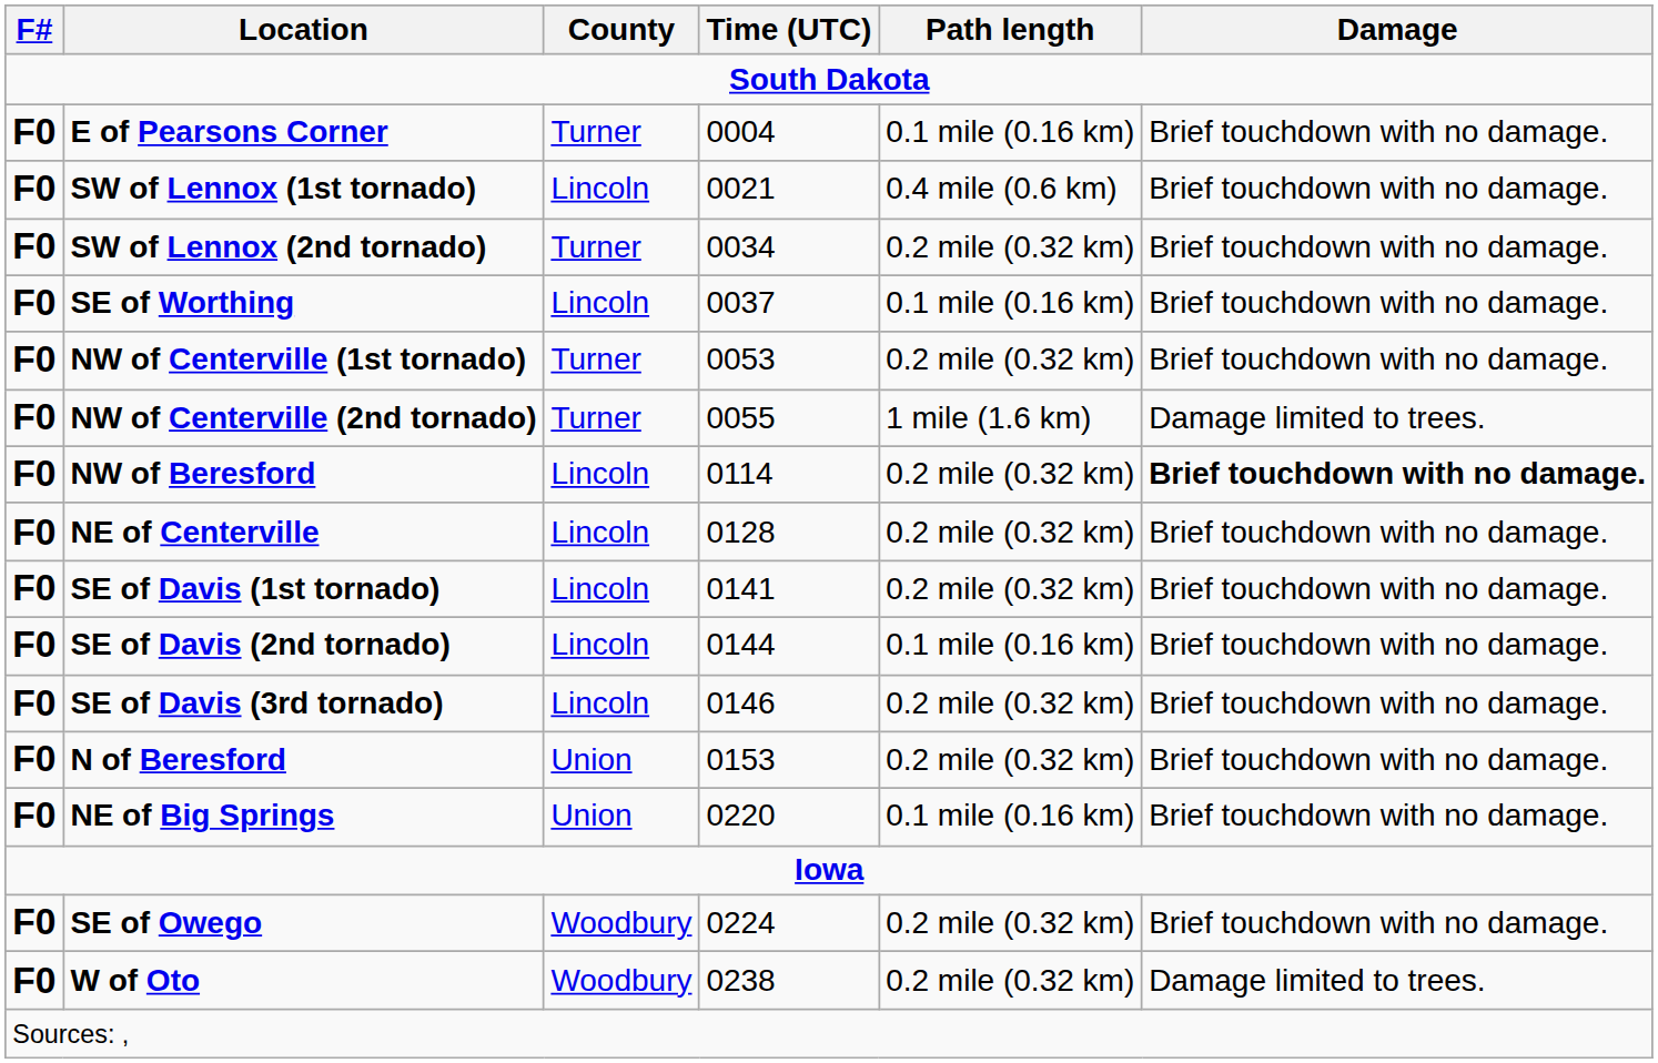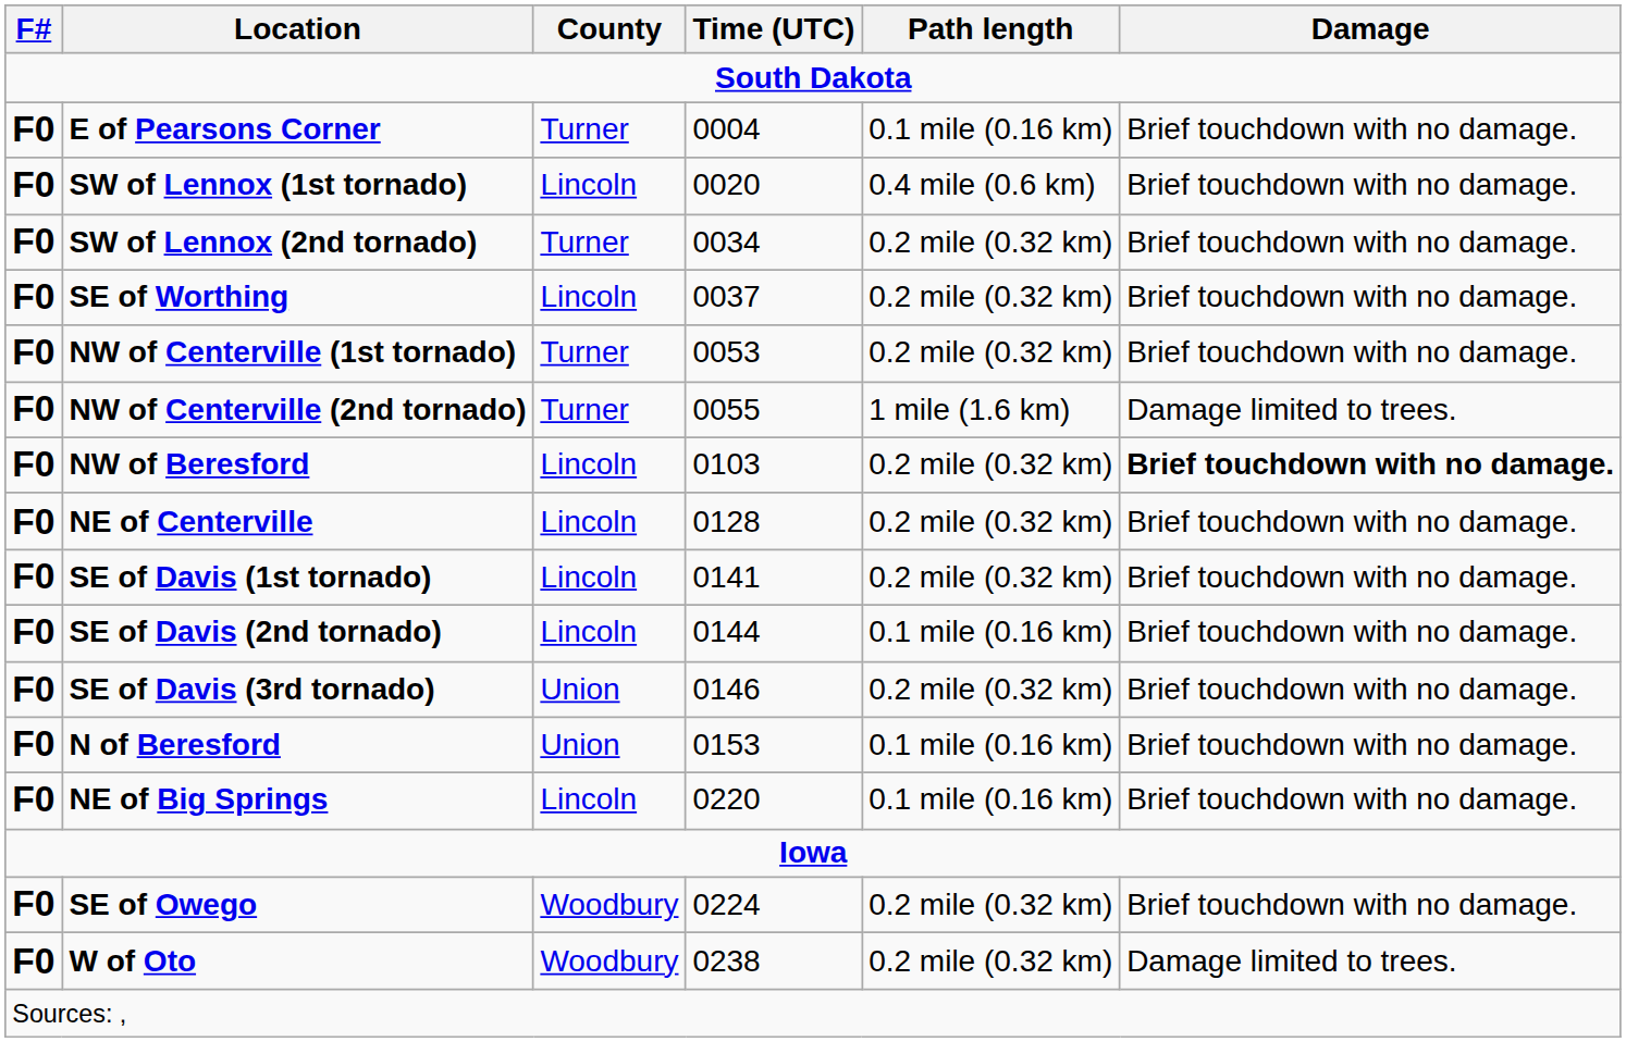 <table class="wikitable">
 <tr>
 <th><strong><a href='#'>F#</a></strong></th>
 <th><strong>Location</strong></th>
 <th><strong>County</strong></th>
 <th><strong>Time (UTC)</strong></th>
 <th><strong>Path length</strong></th>
 <th><strong>Damage</strong></th>
 </tr>
 <tr>
 <td colspan="7" align=center><strong><a href='#'>South Dakota</a></strong></td>
 </tr>
 <tr>
 <td><big><strong>F0</strong></big></td>
 <td><strong>E of <a href='#'>Pearsons Corner</a></strong></td>
 <td><a href='#'>Turner</a></td>
 <td>0004</td>
 <td>0.1 mile (0.16 km)</td>
 <td>Brief touchdown with no damage.</td>
 </tr>
 <tr>
 <td><big><strong>F0</strong></big></td>
 <td><strong>SW of <a href='#'>Lennox</a> (1st tornado)</strong></td>
 <td><a href='#'>Lincoln</a></td>
-<td>0021</td>
+<td>0020</td>
 <td>0.4 mile (0.6 km)</td>
 <td>Brief touchdown with no damage.</td>
 </tr>
 <tr>
 <td><big><strong>F0</strong></big></td>
 <td><strong>SW of <a href='#'>Lennox</a> (2nd tornado)</strong></td>
 <td><a href='#'>Turner</a></td>
 <td>0034</td>
 <td>0.2 mile (0.32 km)</td>
 <td>Brief touchdown with no damage.</td>
 </tr>
 <tr>
 <td><big><strong>F0</strong></big></td>
 <td><strong>SE of <a href='#'>Worthing</a></strong></td>
 <td><a href='#'>Lincoln</a></td>
 <td>0037</td>
-<td>0.1 mile (0.16 km)</td>
+<td>0.2 mile (0.32 km)</td>
 <td>Brief touchdown with no damage.</td>
 </tr>
 <tr>
 <td><big><strong>F0</strong></big></td>
 <td><strong>NW of <a href='#'>Centerville</a> (1st tornado)</strong></td>
 <td><a href='#'>Turner</a></td>
 <td>0053</td>
 <td>0.2 mile (0.32 km)</td>
 <td>Brief touchdown with no damage.</td>
 </tr>
 <tr>
 <td><big><strong>F0</strong></big></td>
 <td><strong>NW of <a href='#'>Centerville</a> (2nd tornado)</strong></td>
 <td><a href='#'>Turner</a></td>
 <td>0055</td>
 <td>1 mile (1.6 km)</td>
 <td>Damage limited to trees.</td>
 </tr>
 <tr>
 <td><big><strong>F0</strong></big></td>
 <td><strong>NW of <a href='#'>Beresford</a></strong></td>
 <td><a href='#'>Lincoln</a></td>
-<td>0114</td>
+<td>0103</td>
 <td>0.2 mile (0.32 km)</td>
 <td><strong>Brief touchdown with no damage.</strong></td>
 </tr>
 <tr>
 <td><big><strong>F0</strong></big></td>
 <td><strong>NE of <a href='#'>Centerville</a></strong></td>
 <td><a href='#'>Lincoln</a></td>
 <td>0128</td>
 <td>0.2 mile (0.32 km)</td>
 <td>Brief touchdown with no damage.</td>
 </tr>
 <tr>
 <td><big><strong>F0</strong></big></td>
 <td><strong>SE of <a href='#'>Davis</a> (1st tornado)</strong></td>
 <td><a href='#'>Lincoln</a></td>
 <td>0141</td>
 <td>0.2 mile (0.32 km)</td>
 <td>Brief touchdown with no damage.</td>
 </tr>
 <tr>
 <td><big><strong>F0</strong></big></td>
 <td><strong>SE of <a href='#'>Davis</a> (2nd tornado)</strong></td>
 <td><a href='#'>Lincoln</a></td>
 <td>0144</td>
 <td>0.1 mile (0.16 km)</td>
 <td>Brief touchdown with no damage.</td>
 </tr>
 <tr>
 <td><big><strong>F0</strong></big></td>
 <td><strong>SE of <a href='#'>Davis</a> (3rd tornado)</strong></td>
-<td><a href='#'>Lincoln</a></td>
+<td><a href='#'>Union</a></td>
 <td>0146</td>
 <td>0.2 mile (0.32 km)</td>
 <td>Brief touchdown with no damage.</td>
 </tr>
 <tr>
 <td><big><strong>F0</strong></big></td>
 <td><strong>N of <a href='#'>Beresford</a></strong></td>
 <td><a href='#'>Union</a></td>
 <td>0153</td>
-<td>0.2 mile (0.32 km)</td>
+<td>0.1 mile (0.16 km)</td>
 <td>Brief touchdown with no damage.</td>
 </tr>
 <tr>
 <td><big><strong>F0</strong></big></td>
 <td><strong>NE of <a href='#'>Big Springs</a></strong></td>
-<td><a href='#'>Union</a></td>
+<td><a href='#'>Lincoln</a></td>
 <td>0220</td>
 <td>0.1 mile (0.16 km)</td>
 <td>Brief touchdown with no damage.</td>
 </tr>
 <tr>
 <td colspan="7" align=center><strong><a href='#'>Iowa</a></strong></td>
 </tr>
 <tr>
 <td><big><strong>F0</strong></big></td>
 <td><strong>SE of <a href='#'>Owego</a></strong></td>
 <td><a href='#'>Woodbury</a></td>
 <td>0224</td>
 <td>0.2 mile (0.32 km)</td>
 <td>Brief touchdown with no damage.</td>
 </tr>
 <tr>
 <td><big><strong>F0</strong></big></td>
 <td><strong>W of <a href='#'>Oto</a></strong></td>
 <td><a href='#'>Woodbury</a></td>
 <td>0238</td>
 <td>0.2 mile (0.32 km)</td>
 <td>Damage limited to trees.</td>
 </tr>
 <tr>
 <td colspan="7"><small>Sources: , </small></td>
 </tr>
 </table>
